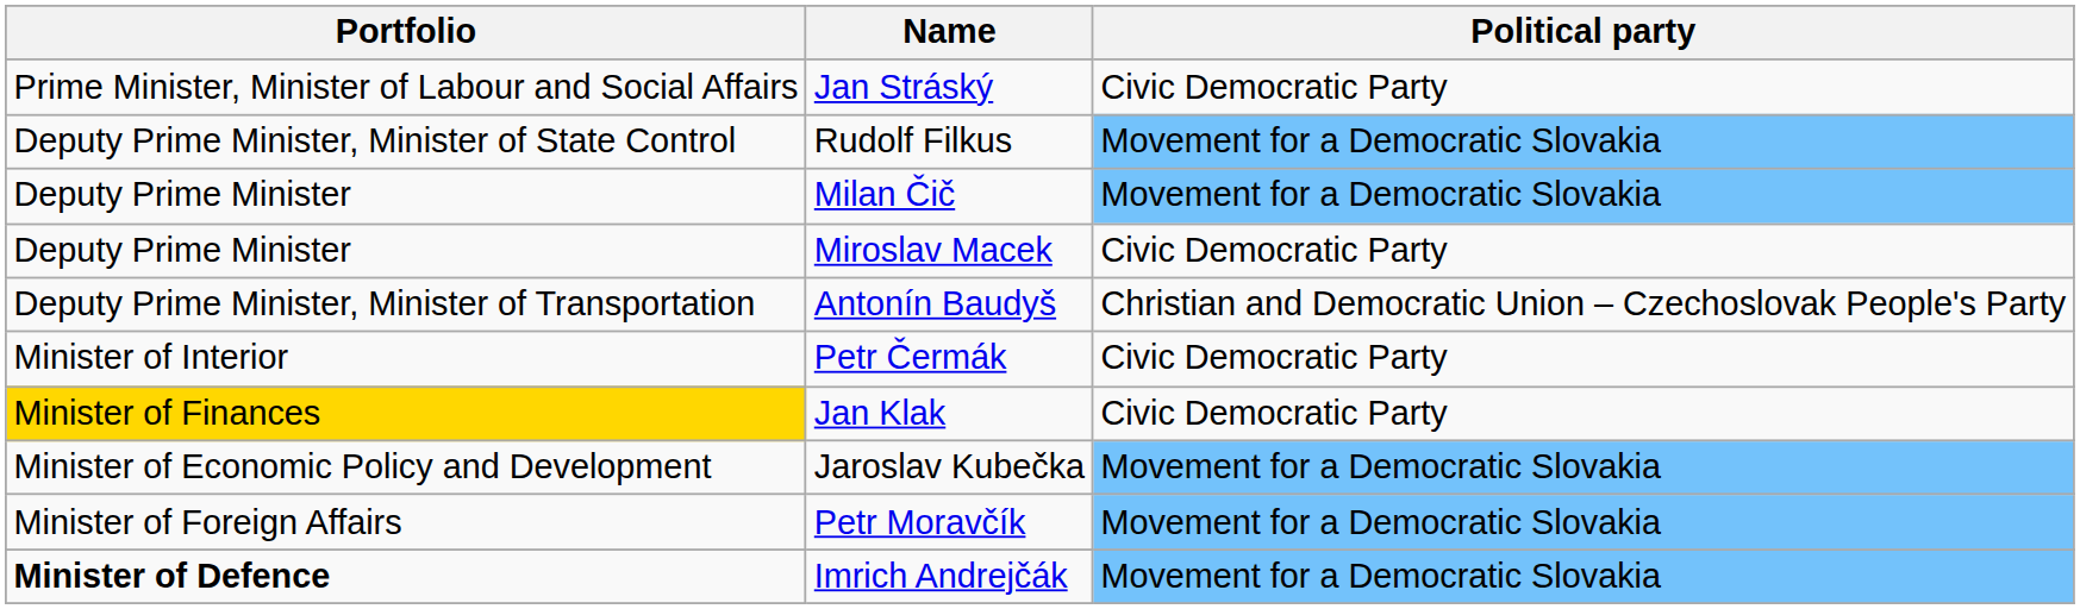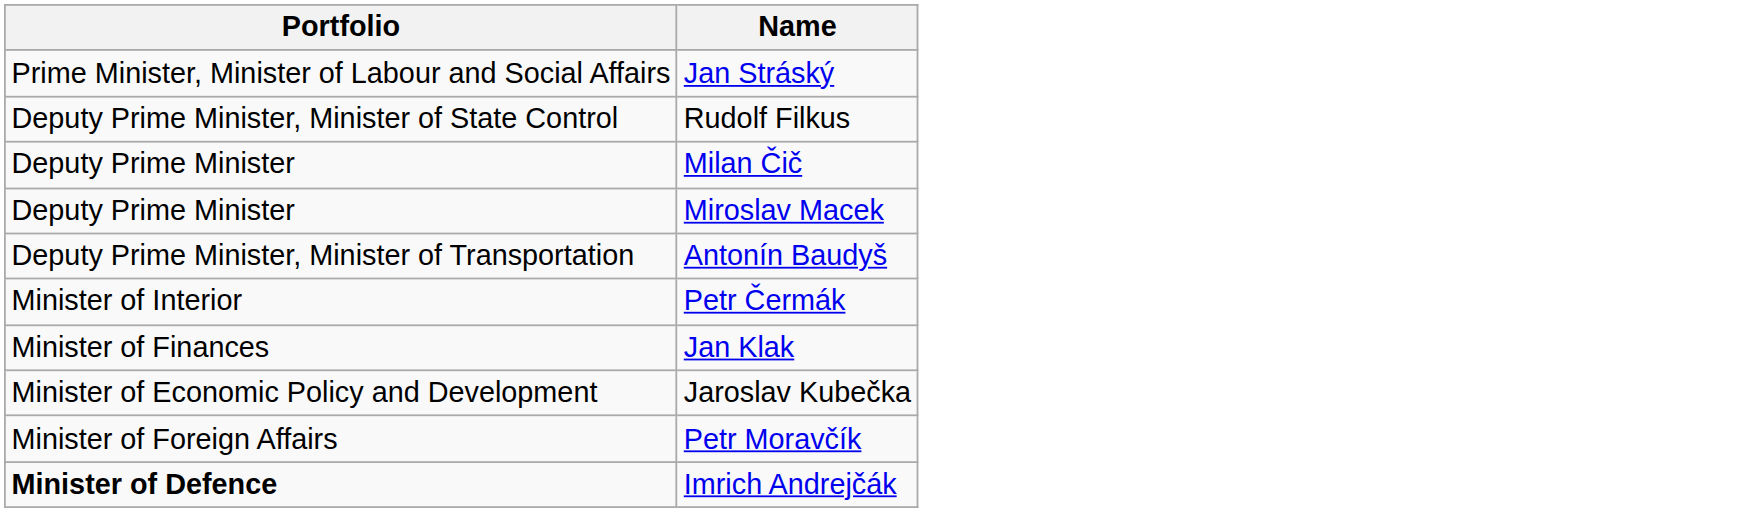 <table class="wikitable">
 <tr>
 <th>Portfolio</th>
 <th>Name</th>
-<th>Political party</th>
 </tr>
 <tr>
 <td>Prime Minister, Minister of Labour and Social Affairs</td>
 <td><a href='#'>Jan Stráský</a></td>
-<td style="background-color:">Civic Democratic Party</td>
 </tr>
 <tr>
 <td>Deputy Prime Minister, Minister of State Control</td>
 <td>Rudolf Filkus</td>
-<td style="background-color:#73C2FB">Movement for a Democratic Slovakia</td>
 </tr>
 <tr>
 <td>Deputy Prime Minister</td>
 <td><a href='#'>Milan Čič</a></td>
-<td style="background-color:#73C2FB">Movement for a Democratic Slovakia</td>
 </tr>
 <tr>
 <td>Deputy Prime Minister</td>
 <td><a href='#'>Miroslav Macek</a></td>
-<td style="background-color:">Civic Democratic Party</td>
 </tr>
 <tr>
 <td>Deputy Prime Minister, Minister of Transportation</td>
 <td><a href='#'>Antonín Baudyš</a></td>
-<td style="background-color:">Christian and Democratic Union – Czechoslovak People's Party</td>
 </tr>
 <tr>
 <td>Minister of Interior</td>
 <td><a href='#'>Petr Čermák</a></td>
-<td style="background-color:">Civic Democratic Party</td>
 </tr>
 <tr>
-<td style="background: gold;">Minister of Finances</td>
+<td>Minister of Finances</td>
 <td><a href='#'>Jan Klak</a></td>
-<td style="background-color:">Civic Democratic Party</td>
 </tr>
 <tr>
 <td>Minister of Economic Policy and Development</td>
 <td>Jaroslav Kubečka</td>
-<td style="background-color:#73C2FB">Movement for a Democratic Slovakia</td>
 </tr>
 <tr>
 <td>Minister of Foreign Affairs</td>
 <td><a href='#'>Petr Moravčík</a></td>
-<td style="background-color:#73C2FB">Movement for a Democratic Slovakia</td>
 </tr>
 <tr>
 <td><strong>Minister of Defence</strong></td>
 <td><a href='#'>Imrich Andrejčák</a></td>
-<td style="background-color:#73C2FB">Movement for a Democratic Slovakia</td>
 </tr>
 </table>
